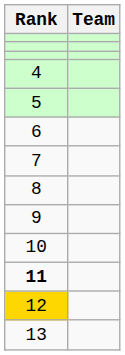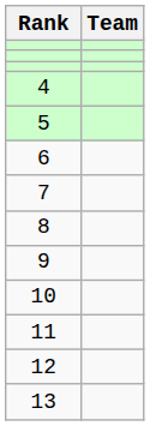 <table class="wikitable">
 <tr>
 <th style="width: 40px;">Rank</th>
 <th>Team</th>
 </tr>
 <tr style="background: #CCFFCC;">
 <td style="text-align: center;"></td>
 <td></td>
 </tr>
 <tr style="background: #CCFFCC;">
 <td style="text-align: center;"></td>
 <td></td>
 </tr>
 <tr style="background: #CCFFCC;">
 <td style="text-align: center;"></td>
 <td></td>
 </tr>
 <tr style="background: #CCFFCC;">
 <td style="text-align: center;">4</td>
 <td></td>
 </tr>
 <tr style="background: #CCFFCC;">
 <td style="text-align: center;">5</td>
 <td></td>
 </tr>
 <tr>
 <td style="text-align: center;">6</td>
 <td></td>
 </tr>
 <tr>
 <td style="text-align: center;">7</td>
 <td></td>
 </tr>
 <tr>
 <td style="text-align: center;">8</td>
 <td></td>
 </tr>
 <tr>
 <td style="text-align: center;">9</td>
 <td></td>
 </tr>
 <tr>
 <td style="text-align: center;">10</td>
 <td></td>
 </tr>
 <tr>
-<td style="text-align: center;"><strong>11</strong></td>
+<td style="text-align: center;">11</td>
 <td></td>
 </tr>
 <tr>
-<td style="background: gold; text-align: center;">12</td>
+<td style="text-align: center;">12</td>
 <td></td>
 </tr>
 <tr>
 <td style="text-align: center;">13</td>
 <td></td>
 </tr>
 </table>
